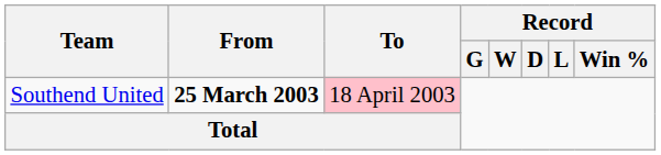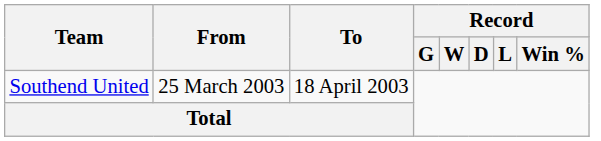 <table class="wikitable" style="text-align: center">
 <tr>
 <th rowspan="2">Team</th>
 <th rowspan="2">From</th>
 <th rowspan="2">To</th>
 <th colspan="5">Record</th>
 </tr>
 <tr>
 <th>G</th>
 <th>W</th>
 <th>D</th>
 <th>L</th>
 <th>Win %</th>
 </tr>
 <tr>
 <td align=left><a href='#'>Southend United</a></td>
-<td align=left><strong>25 March 2003</strong></td>
-<td align=left style="background: pink;">18 April 2003<br></td>
+<td align=left>25 March 2003</td>
+<td align=left>18 April 2003<br></td>
 </tr>
 <tr>
 <th colspan="3">Total<br></th>
 </tr>
 </table>
